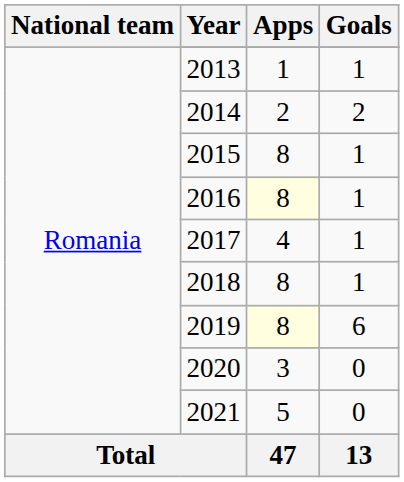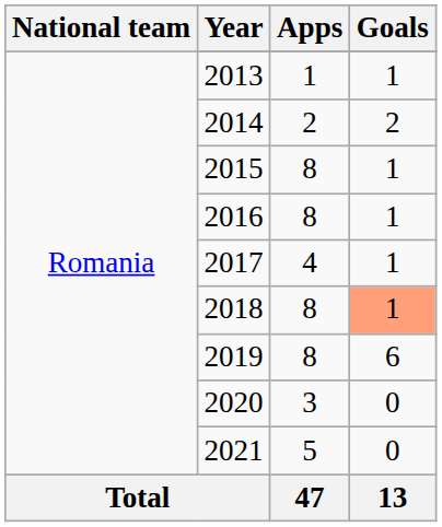 <table class="wikitable" style="text-align:center">
 <tr>
 <th>National team</th>
 <th>Year</th>
 <th>Apps</th>
 <th>Goals</th>
 </tr>
 <tr>
 <td rowspan="10"><a href='#'>Romania</a></td>
 </tr>
 <tr>
 <td>2013</td>
 <td>1</td>
 <td>1</td>
 </tr>
 <tr>
 <td>2014</td>
 <td>2</td>
 <td>2</td>
 </tr>
 <tr>
 <td>2015</td>
 <td>8</td>
 <td>1</td>
 </tr>
 <tr>
 <td>2016</td>
-<td style="background: lightyellow;">8</td>
+<td>8</td>
 <td>1</td>
 </tr>
 <tr>
 <td>2017</td>
 <td>4</td>
 <td>1</td>
 </tr>
 <tr>
 <td>2018</td>
 <td>8</td>
-<td>1</td>
+<td style="background: lightsalmon;">1</td>
 </tr>
 <tr>
 <td>2019</td>
-<td style="background: lightyellow;">8</td>
+<td>8</td>
 <td>6</td>
 </tr>
 <tr>
 <td>2020</td>
 <td>3</td>
 <td>0</td>
 </tr>
 <tr>
 <td>2021</td>
 <td>5</td>
 <td>0</td>
 </tr>
 <tr>
 <th colspan=2>Total</th>
 <th>47</th>
 <th>13</th>
 </tr>
 </table>
